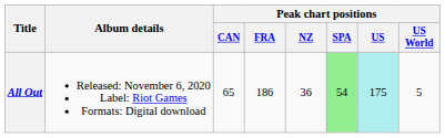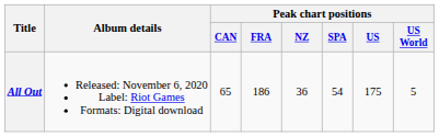 <table class="wikitable plainrowheaders" style="text-align:center;">
 <tr>
 <th scope="col" rowspan="2">Title</th>
 <th scope="col" rowspan="2">Album details</th>
 <th scope="col" colspan="6">Peak chart positions</th>
 </tr>
 <tr>
 <th scope="col" style="width:2.5em;font-size:90%;"><a href='#'>CAN</a><br></th>
 <th scope="col" style="width:3.5em;font-size:90%;"><a href='#'>FRA</a><br></th>
 <th scope="col" style="width:3.5em;font-size:90%;"><a href='#'>NZ</a><br></th>
 <th scope="col" style="width:2.5em;font-size:90%;"><a href='#'>SPA</a><br></th>
 <th scope="col" style="width:3.5em;font-size:90%;"><a href='#'>US</a> <br></th>
 <th scope="col" style="width:3.5em;font-size:90%;"><a href='#'>US<br>World</a><br></th>
 </tr>
 <tr>
 <th scope="row"><em><a href='#'>All Out</a></em></th>
 <td><br><ul><li>Released: November 6, 2020</li><li>Label: <a href='#'>Riot Games</a></li><li>Formats: Digital download</li></ul></td>
 <td>65</td>
 <td>186</td>
 <td>36</td>
-<td style="background: lightgreen;">54</td>
-<td style="background: paleturquoise;">175</td>
+<td>54</td>
+<td>175</td>
 <td>5</td>
 </tr>
 </table>
